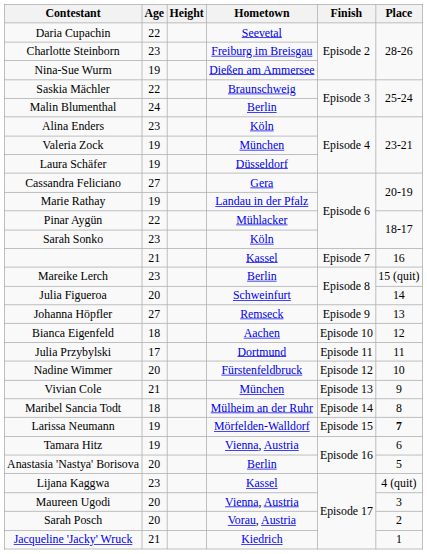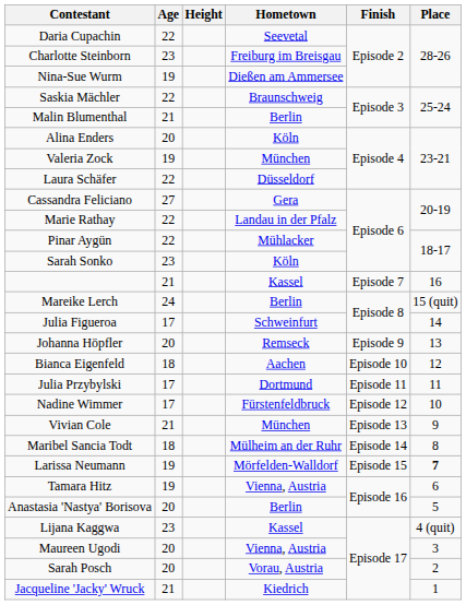 <table class="wikitable sortable" style="text-align:center;">
 <tr>
 <th>Contestant</th>
 <th>Age</th>
 <th>Height</th>
 <th>Hometown</th>
 <th>Finish</th>
 <th>Place</th>
 </tr>
 <tr>
 <td>Daria Cupachin</td>
 <td>22</td>
 <td></td>
 <td><a href='#'>Seevetal</a></td>
 <td rowspan="3"nowrap>Episode 2</td>
 <td rowspan="3">28-26</td>
 </tr>
 <tr>
 <td>Charlotte Steinborn</td>
 <td>23</td>
 <td></td>
 <td><a href='#'>Freiburg im Breisgau</a></td>
 </tr>
 <tr>
 <td nowrap>Nina-Sue Wurm</td>
 <td>19</td>
 <td></td>
 <td nowrap><a href='#'>Dießen am Ammersee</a></td>
 </tr>
 <tr>
 <td>Saskia Mächler</td>
 <td>22</td>
 <td></td>
 <td><a href='#'>Braunschweig</a></td>
 <td rowspan="2">Episode 3</td>
 <td rowspan="2">25-24</td>
 </tr>
 <tr>
 <td>Malin Blumenthal</td>
-<td>24</td>
+<td>21</td>
 <td></td>
 <td><a href='#'>Berlin</a></td>
 </tr>
 <tr>
 <td>Alina Enders</td>
-<td>23</td>
+<td>20</td>
 <td></td>
 <td><a href='#'>Köln</a></td>
 <td rowspan="3">Episode 4</td>
 <td rowspan="3">23-21</td>
 </tr>
 <tr>
 <td>Valeria Zock</td>
 <td>19</td>
 <td></td>
 <td><a href='#'>München</a></td>
 </tr>
 <tr>
 <td>Laura Schäfer</td>
-<td>19</td>
+<td>22</td>
 <td></td>
 <td><a href='#'>Düsseldorf</a></td>
 </tr>
 <tr>
 <td>Cassandra Feliciano</td>
 <td>27</td>
 <td></td>
 <td><a href='#'>Gera</a></td>
 <td rowspan="4">Episode 6</td>
 <td rowspan="2">20-19</td>
 </tr>
 <tr>
 <td>Marie Rathay</td>
-<td>19</td>
+<td>22</td>
 <td></td>
 <td><a href='#'>Landau in der Pfalz</a></td>
 </tr>
 <tr>
 <td>Pinar Aygün</td>
 <td>22</td>
 <td></td>
 <td><a href='#'>Mühlacker</a></td>
 <td rowspan="2">18-17</td>
 </tr>
 <tr>
 <td>Sarah Sonko</td>
 <td>23</td>
 <td></td>
 <td><a href='#'>Köln</a></td>
 </tr>
 <tr>
 <td></td>
 <td>21</td>
 <td></td>
 <td><a href='#'>Kassel</a></td>
 <td>Episode 7</td>
 <td>16</td>
 </tr>
 <tr>
 <td>Mareike Lerch</td>
-<td>23</td>
+<td>24</td>
 <td></td>
 <td><a href='#'>Berlin</a></td>
 <td rowspan="2">Episode 8</td>
 <td>15 (quit)</td>
 </tr>
 <tr>
 <td>Julia Figueroa</td>
-<td>20</td>
+<td>17</td>
 <td></td>
 <td><a href='#'>Schweinfurt</a></td>
 <td>14</td>
 </tr>
 <tr>
 <td>Johanna Höpfler</td>
-<td>27</td>
+<td>20</td>
 <td></td>
 <td><a href='#'>Remseck</a></td>
 <td>Episode 9</td>
 <td>13</td>
 </tr>
 <tr>
 <td>Bianca Eigenfeld</td>
 <td>18</td>
 <td></td>
 <td><a href='#'>Aachen</a></td>
 <td>Episode 10</td>
 <td>12</td>
 </tr>
 <tr>
 <td>Julia Przybylski</td>
 <td>17</td>
 <td></td>
 <td><a href='#'>Dortmund</a></td>
 <td>Episode 11</td>
 <td>11</td>
 </tr>
 <tr>
 <td>Nadine Wimmer</td>
-<td>20</td>
+<td>17</td>
 <td></td>
 <td><a href='#'>Fürstenfeldbruck</a></td>
 <td>Episode 12</td>
 <td>10</td>
 </tr>
 <tr>
 <td>Vivian Cole</td>
 <td>21</td>
 <td></td>
 <td><a href='#'>München</a></td>
 <td>Episode 13</td>
 <td>9</td>
 </tr>
 <tr>
 <td>Maribel Sancia Todt</td>
 <td>18</td>
 <td></td>
 <td><a href='#'>Mülheim an der Ruhr</a></td>
 <td>Episode 14</td>
 <td>8</td>
 </tr>
 <tr>
 <td>Larissa Neumann</td>
 <td>19</td>
 <td></td>
 <td><a href='#'>Mörfelden-Walldorf</a></td>
 <td>Episode 15</td>
 <td><strong>7</strong></td>
 </tr>
 <tr>
 <td>Tamara Hitz</td>
 <td>19</td>
 <td></td>
 <td><a href='#'>Vienna</a>, <a href='#'>Austria</a></td>
 <td rowspan=2>Episode 16</td>
 <td>6</td>
 </tr>
 <tr>
 <td>Anastasia 'Nastya' Borisova</td>
 <td>20</td>
 <td></td>
 <td><a href='#'>Berlin</a></td>
 <td>5</td>
 </tr>
 <tr>
 <td>Lijana Kaggwa</td>
 <td>23</td>
 <td></td>
 <td><a href='#'>Kassel</a></td>
 <td rowspan=4>Episode 17</td>
 <td>4 (quit)</td>
 </tr>
 <tr>
 <td>Maureen Ugodi</td>
 <td>20</td>
 <td></td>
 <td><a href='#'>Vienna</a>, <a href='#'>Austria</a></td>
 <td>3</td>
 </tr>
 <tr>
 <td>Sarah Posch</td>
 <td>20</td>
 <td></td>
 <td><a href='#'>Vorau</a>, <a href='#'>Austria</a></td>
 <td>2</td>
 </tr>
 <tr>
 <td><a href='#'>Jacqueline 'Jacky' Wruck</a></td>
 <td>21</td>
 <td></td>
 <td><a href='#'>Kiedrich</a></td>
 <td>1</td>
 </tr>
 </table>
